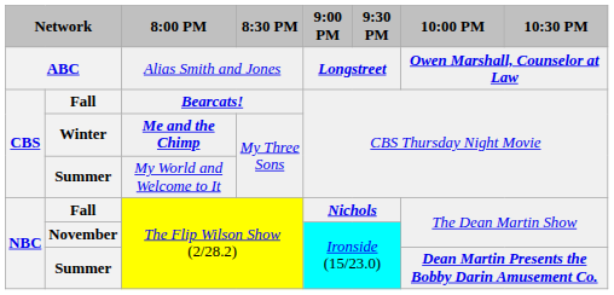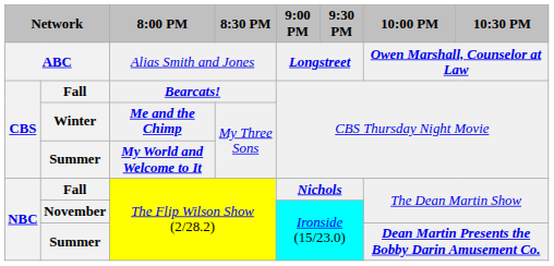 <table class="wikitable" style="width:100%;margin-right:0;text-align:center">
 <tr>
 <th colspan="2" style="background-color:#C0C0C0;text-align:center">Network</th>
 <th style="background-color:#C0C0C0;text-align:center">8:00 PM</th>
 <th style="background-color:#C0C0C0;text-align:center">8:30 PM</th>
 <th style="background-color:#C0C0C0;text-align:center">9:00 PM</th>
 <th style="background-color:#C0C0C0;text-align:center">9:30 PM</th>
 <th style="background-color:#C0C0C0;text-align:center">10:00 PM</th>
 <th style="background-color:#C0C0C0;text-align:center">10:30 PM</th>
 </tr>
 <tr>
 <th bgcolor="#C0C0C0" colspan="2"><a href='#'>ABC</a></th>
 <td bgcolor="#F0F0F0" colspan="2"><em><a href='#'>Alias Smith and Jones</a></em></td>
 <td bgcolor="#F0F0F0" colspan="2"><strong><em><a href='#'>Longstreet</a></em></strong></td>
 <td bgcolor="#F0F0F0" colspan="2"><strong><em><a href='#'>Owen Marshall, Counselor at Law</a></em></strong></td>
 </tr>
 <tr>
 <th bgcolor="#C0C0C0" rowspan="3"><a href='#'>CBS</a></th>
 <th>Fall</th>
 <td bgcolor="#F0F0F0" colspan="2"><strong><em><a href='#'>Bearcats!</a></em></strong></td>
 <td bgcolor="#F0F0F0" rowspan="3" colspan="4"><em><a href='#'>CBS Thursday Night Movie</a></em></td>
 </tr>
 <tr>
 <th>Winter</th>
 <td bgcolor="#F0F0F0"><strong><em><a href='#'>Me and the Chimp</a></em></strong></td>
 <td bgcolor="#F0F0F0" rowspan="2"><em><a href='#'>My Three Sons</a></em></td>
 </tr>
 <tr>
 <th>Summer</th>
-<td bgcolor="#F0F0F0"><em><a href='#'>My World and Welcome to It</a></em></td>
+<td bgcolor="#F0F0F0"><strong><em><a href='#'>My World and Welcome to It</a></em></strong></td>
 </tr>
 <tr>
 <th bgcolor="#C0C0C0" rowspan="3"><a href='#'>NBC</a></th>
 <th>Fall</th>
 <td bgcolor="yellow" colspan="2" rowspan="3"><em><a href='#'>The Flip Wilson Show</a></em> (2/28.2)</td>
 <td bgcolor="#F0F0F0" colspan="2"><strong><em><a href='#'>Nichols</a></em></strong></td>
 <td bgcolor="#F0F0F0" colspan="2" rowspan="2"><em><a href='#'>The Dean Martin Show</a></em></td>
 </tr>
 <tr>
 <th>November</th>
 <td bgcolor="cyan" colspan="2" rowspan="2"><em><a href='#'>Ironside</a></em> (15/23.0)</td>
 </tr>
 <tr>
 <th>Summer</th>
 <td bgcolor="#F0F0F0" colspan="2"><strong><em><a href='#'>Dean Martin Presents the Bobby Darin Amusement Co.</a></em></strong></td>
 </tr>
 </table>
